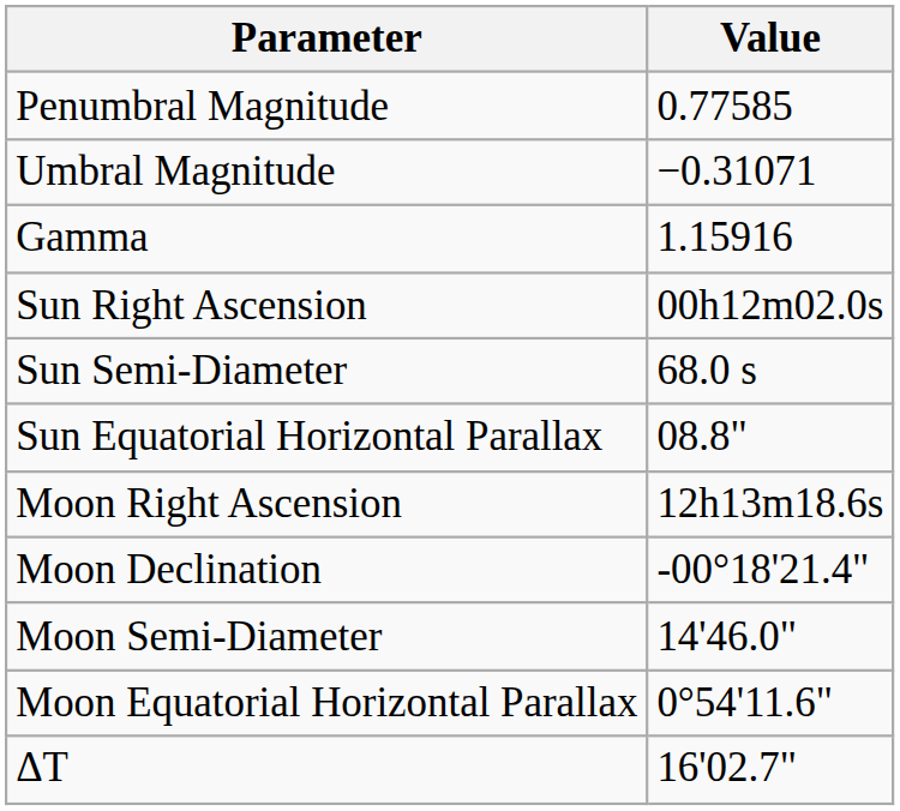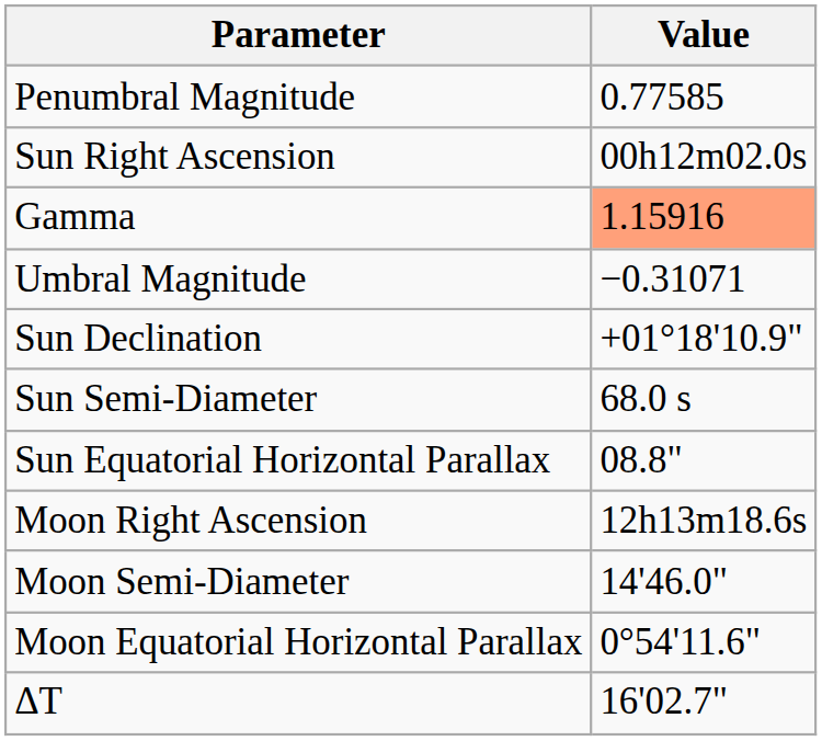 <table class="wikitable">
 <tr>
 <th>Parameter</th>
 <th>Value</th>
 </tr>
 <tr>
 <td>Penumbral Magnitude</td>
 <td>0.77585</td>
 </tr>
 <tr>
+<td>Sun Right Ascension</td>
+<td>00h12m02.0s</td>
+</tr>
+<tr>
+<td>Gamma</td>
+<td style="background: lightsalmon;">1.15916</td>
+</tr>
+<tr>
 <td>Umbral Magnitude</td>
 <td>−0.31071</td>
 </tr>
 <tr>
-<td>Gamma</td>
-<td>1.15916</td>
-</tr>
-<tr>
-<td>Sun Right Ascension</td>
-<td>00h12m02.0s</td>
+<td>Sun Declination</td>
+<td>+01°18'10.9"</td>
 </tr>
 <tr>
 <td>Sun Semi-Diameter</td>
 <td>68.0 s</td>
 </tr>
 <tr>
 <td>Sun Equatorial Horizontal Parallax</td>
 <td>08.8"</td>
 </tr>
 <tr>
 <td>Moon Right Ascension</td>
 <td>12h13m18.6s</td>
 </tr>
 <tr>
-<td>Moon Declination</td>
-<td>-00°18'21.4"</td>
-</tr>
-<tr>
 <td>Moon Semi-Diameter</td>
 <td>14'46.0"</td>
 </tr>
 <tr>
 <td>Moon Equatorial Horizontal Parallax</td>
 <td>0°54'11.6"</td>
 </tr>
 <tr>
 <td>ΔT</td>
 <td>16'02.7"</td>
 </tr>
 </table>
